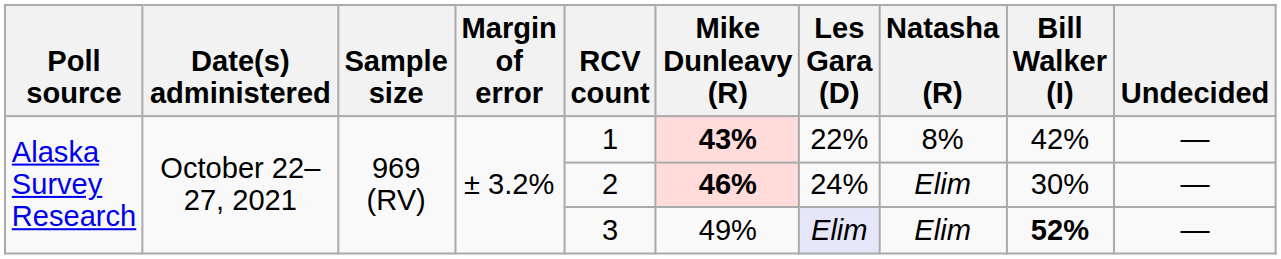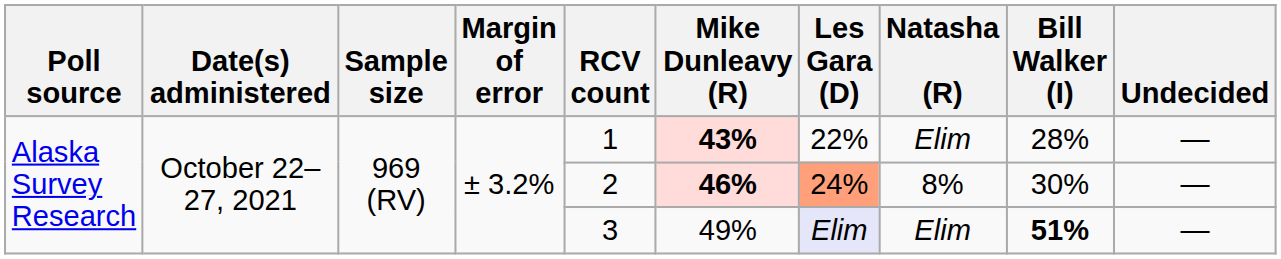 <table class="wikitable" style="font-size:90%;text-align:center;">
 <tr valign=bottom>
 <th>Poll source</th>
 <th>Date(s)<br>administered</th>
 <th>Sample<br>size</th>
 <th>Margin<br>of error</th>
 <th>RCV<br>count</th>
 <th style="width:60px;">Mike<br>Dunleavy<br>(R)</th>
 <th style="width:60px;">Les<br>Gara<br>(D)</th>
 <th style="width:60px;">Natasha<br><br>(R)</th>
 <th style="width:60px;">Bill<br>Walker<br>(I)</th>
 <th>Undecided</th>
 </tr>
 <tr>
 <td style="text-align:left;" rowspan="3"><a href='#'>Alaska Survey Research</a></td>
 <td rowspan="3">October 22–27, 2021</td>
 <td rowspan="3">969 (RV)</td>
 <td rowspan="3">± 3.2%</td>
 <td>1</td>
 <td style="background:#ffdbda"><strong>43%</strong></td>
 <td>22%</td>
-<td>8%</td>
-<td>42%</td>
+<td><em>Elim</em></td>
+<td>28%</td>
 <td>—</td>
 </tr>
 <tr>
 <td>2</td>
 <td style="background:#ffdbda"><strong>46%</strong></td>
-<td>24%</td>
-<td><em>Elim</em></td>
+<td style="background: lightsalmon;">24%</td>
+<td>8%</td>
 <td>30%</td>
 <td>—</td>
 </tr>
 <tr>
 <td>3</td>
 <td>49%</td>
 <td style="background: lavender;"><em>Elim</em></td>
 <td><em>Elim</em></td>
-<td><strong>52%</strong></td>
+<td><strong>51%</strong></td>
 <td>—</td>
 </tr>
 </table>
